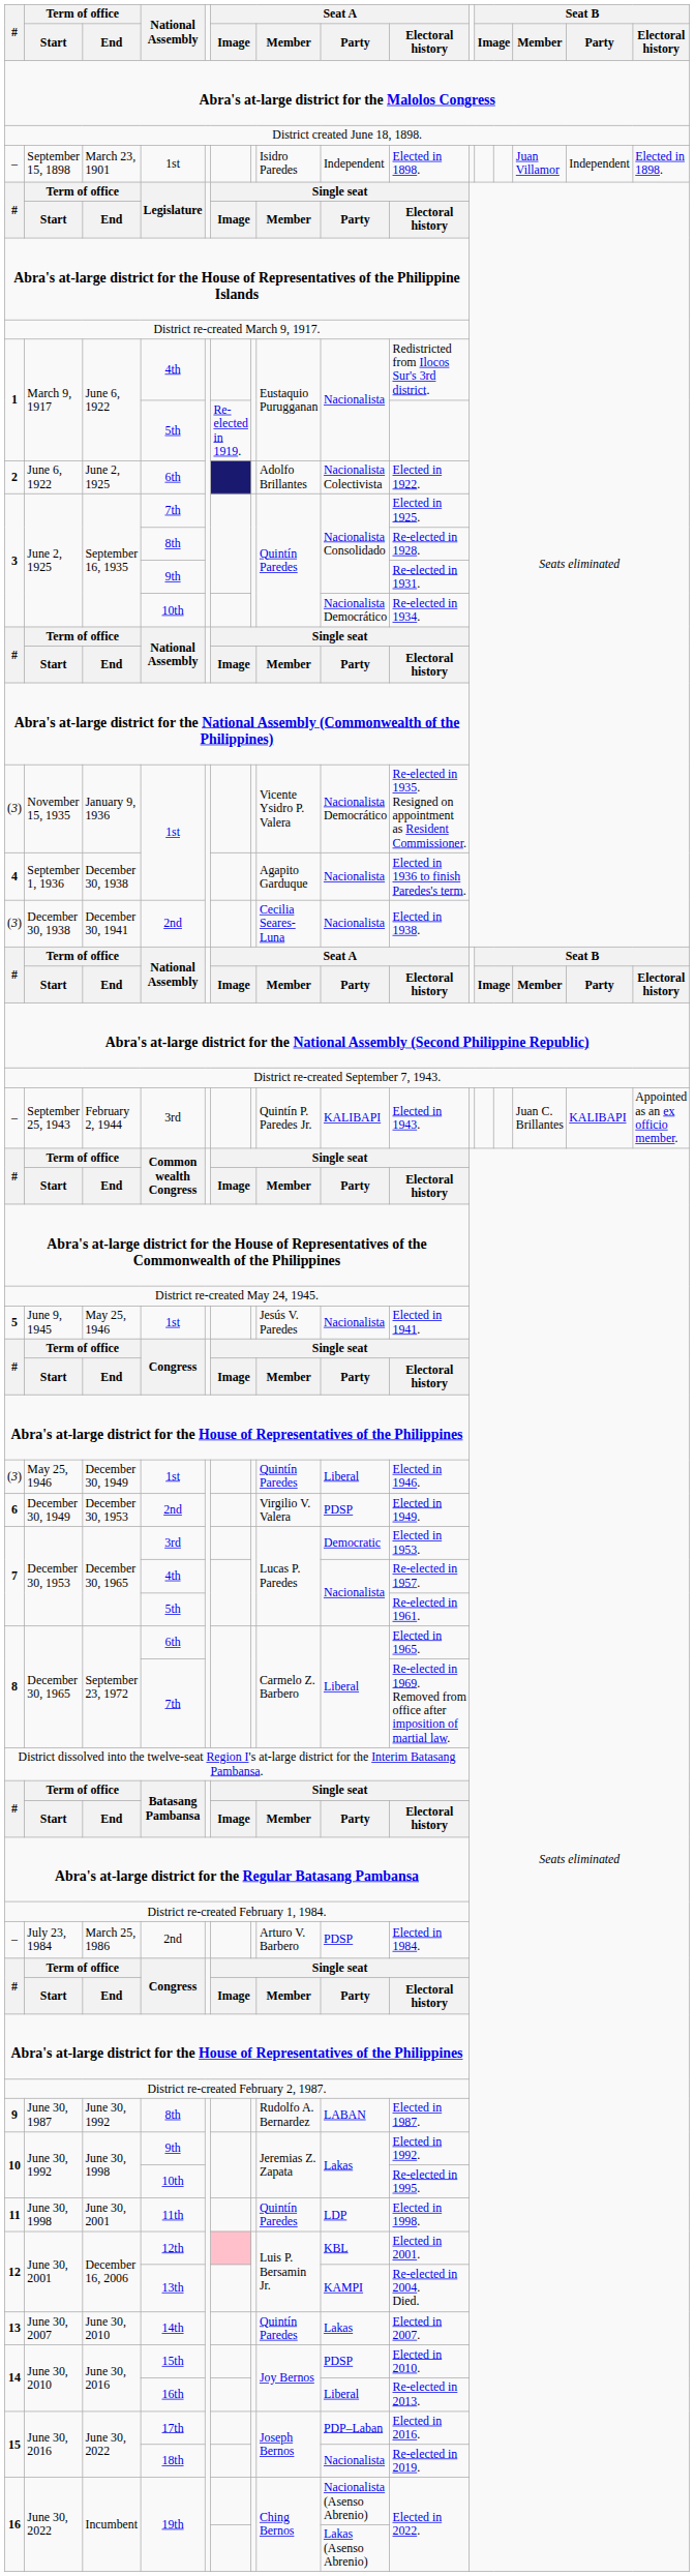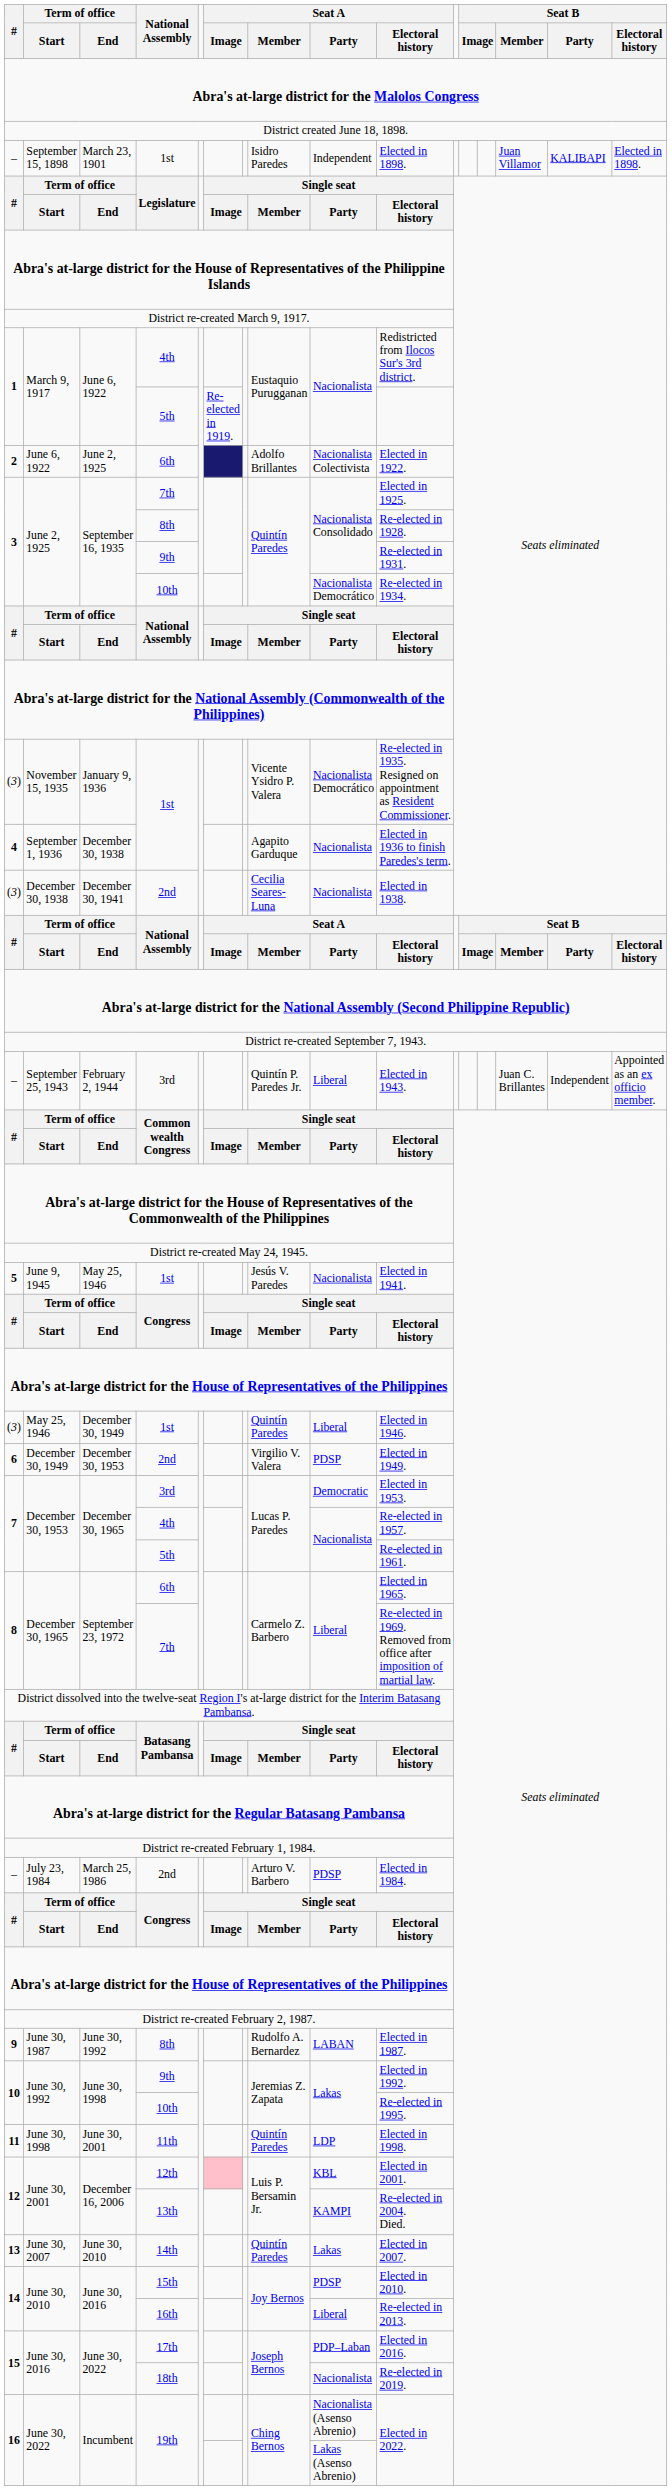 <table class=wikitable>
 <tr>
 <th rowspan=2>#</th>
 <th colspan=2>Term of office</th>
 <th rowspan=2>National<br>Assembly</th>
 <td rowspan=2></td>
 <th colspan=5>Seat A</th>
 <td rowspan=2></td>
 <th colspan=5>Seat B</th>
 </tr>
 <tr style="height:3em">
 <th>Start</th>
 <th>End</th>
 <th colspan="2" style="text-align:center;">Image</th>
 <th>Member</th>
 <th>Party</th>
 <th>Electoral history</th>
 <th colspan="2" style="text-align:center;">Image</th>
 <th>Member</th>
 <th>Party</th>
 <th>Electoral history</th>
 </tr>
 <tr>
 <td colspan="16" style="text-align:center;"><br><h3>Abra's at-large district for the <a href='#'>Malolos Congress</a></h3></td>
 </tr>
 <tr>
 <td colspan="16" style="text-align:center;">District created June 18, 1898.</td>
 </tr>
 <tr style="height:3em">
 <td style="text-align:center;">–</td>
 <td>September 15, 1898</td>
 <td>March 23, 1901</td>
 <td style="text-align:center;">1st</td>
 <td></td>
 <td style="color:inherit;background:"></td>
 <td></td>
 <td>Isidro Paredes</td>
 <td>Independent</td>
 <td><a href='#'>Elected in 1898</a>.</td>
 <td></td>
 <td style="color:inherit;background:"></td>
 <td></td>
 <td><a href='#'>Juan Villamor</a></td>
-<td>Independent</td>
+<td><a href='#'>KALIBAPI</a></td>
 <td><a href='#'>Elected in 1898</a>.</td>
 </tr>
 <tr>
 <th rowspan=2>#</th>
 <th colspan=2>Term of office</th>
 <th rowspan=2>Legislature</th>
 <td rowspan=2></td>
 <th colspan=5>Single seat</th>
 <td rowspan=17 colspan=6 style="text-align:center;"><em>Seats eliminated</em></td>
 </tr>
 <tr style="height:3em">
 <th>Start</th>
 <th>End</th>
 <th colspan="2" style="text-align:center;">Image</th>
 <th>Member</th>
 <th>Party</th>
 <th>Electoral history</th>
 </tr>
 <tr>
 <td colspan="10" style="text-align:center;"><br><h3>Abra's at-large district for the House of Representatives of the Philippine Islands</h3></td>
 </tr>
 <tr>
 <td colspan="10" style="text-align:center;">District re-created March 9, 1917.</td>
 </tr>
 <tr>
 <td style="text-align:center;" rowspan="2"><strong>1</strong></td>
 <td rowspan="2">March 9, 1917</td>
 <td rowspan="2">June 6, 1922</td>
 <td style="text-align:center;"><a href='#'>4th</a></td>
 <td rowspan=7></td>
 <td style="color:inherit;background:"></td>
 <td rowspan="2"></td>
 <td rowspan="2">Eustaquio Purugganan</td>
 <td rowspan="2"><a href='#'>Nacionalista</a></td>
 <td>Redistricted from <a href='#'>Ilocos Sur's 3rd district</a>.</td>
 </tr>
 <tr>
 <td style="text-align:center;"><a href='#'>5th</a></td>
 <td><a href='#'>Re-elected in 1919</a>.</td>
 </tr>
 <tr>
 <td style="text-align:center;"><strong>2</strong></td>
 <td>June 6, 1922</td>
 <td>June 2, 1925</td>
 <td style="text-align:center;"><a href='#'>6th</a></td>
 <td style="background-color:#191970"></td>
 <td></td>
 <td>Adolfo Brillantes</td>
 <td><a href='#'>Nacionalista</a><br>Colectivista</td>
 <td><a href='#'>Elected in 1922</a>.</td>
 </tr>
 <tr>
 <td rowspan="4" style="text-align:center;"><strong>3</strong></td>
 <td rowspan="4">June 2, 1925</td>
 <td rowspan="4">September 16, 1935</td>
 <td style="text-align:center;"><a href='#'>7th</a></td>
 <td rowspan="3" style="color:inherit;background:"></td>
 <td rowspan="4"></td>
 <td rowspan="4"><a href='#'>Quintín Paredes</a></td>
 <td rowspan="3"><a href='#'>Nacionalista</a><br>Consolidado</td>
 <td><a href='#'>Elected in 1925</a>.</td>
 </tr>
 <tr>
 <td style="text-align:center;"><a href='#'>8th</a></td>
 <td><a href='#'>Re-elected in 1928</a>.</td>
 </tr>
 <tr>
 <td style="text-align:center;"><a href='#'>9th</a></td>
 <td><a href='#'>Re-elected in 1931</a>.</td>
 </tr>
 <tr>
 <td style="text-align:center;"><a href='#'>10th</a></td>
 <td style="color:inherit;background:"></td>
 <td><a href='#'>Nacionalista</a><br>Democrático</td>
 <td><a href='#'>Re-elected in 1934</a>.</td>
 </tr>
 <tr>
 <th rowspan=2>#</th>
 <th colspan=2>Term of office</th>
 <th rowspan=2>National<br>Assembly</th>
 <td rowspan=2></td>
 <th colspan=5>Single seat</th>
 </tr>
 <tr style="height:3em">
 <th>Start</th>
 <th>End</th>
 <th colspan="2" style="text-align:center;">Image</th>
 <th>Member</th>
 <th>Party</th>
 <th>Electoral history</th>
 </tr>
 <tr>
 <td colspan="10" style="text-align:center;"><br><h3>Abra's at-large district for the <a href='#'>National Assembly (Commonwealth of the Philippines)</a></h3></td>
 </tr>
 <tr>
 <td style="text-align:center;">(<em>3</em>)</td>
 <td>November 15, 1935</td>
 <td>January 9, 1936</td>
 <td rowspan="2" style="text-align:center;"><a href='#'>1st</a></td>
 <td rowspan=3></td>
 <td style="color:inherit;background:"></td>
 <td></td>
 <td>Vicente Ysidro P. Valera</td>
 <td><a href='#'>Nacionalista</a><br>Democrático</td>
 <td><a href='#'>Re-elected in 1935</a>.<br>Resigned on appointment as <a href='#'>Resident Commissioner</a>.</td>
 </tr>
 <tr>
 <td style="text-align:center;"><strong>4</strong></td>
 <td>September 1, 1936</td>
 <td>December 30, 1938</td>
 <td style="color:inherit;background:"></td>
 <td></td>
 <td>Agapito Garduque</td>
 <td><a href='#'>Nacionalista</a></td>
 <td><a href='#'>Elected in 1936 to finish Paredes's term</a>.</td>
 </tr>
 <tr>
 <td style="text-align:center;">(<em>3</em>)</td>
 <td>December 30, 1938</td>
 <td>December 30, 1941</td>
 <td style="text-align:center;"><a href='#'>2nd</a></td>
 <td style="color:inherit;background:"></td>
 <td></td>
 <td><a href='#'>Cecilia Seares-Luna</a></td>
 <td><a href='#'>Nacionalista</a></td>
 <td><a href='#'>Elected in 1938</a>.</td>
 </tr>
 <tr>
 <th rowspan=2>#</th>
 <th colspan=2>Term of office</th>
 <th rowspan=2>National<br>Assembly</th>
 <td rowspan=2></td>
 <th colspan=5>Seat A</th>
 <td rowspan=2></td>
 <th colspan=5>Seat B</th>
 </tr>
 <tr style="height:3em">
 <th>Start</th>
 <th>End</th>
 <th colspan="2" style="text-align:center;">Image</th>
 <th>Member</th>
 <th>Party</th>
 <th>Electoral history</th>
 <th colspan="2" style="text-align:center;">Image</th>
 <th>Member</th>
 <th>Party</th>
 <th>Electoral history</th>
 </tr>
 <tr>
 <td colspan="16" style="text-align:center;"><br><h3>Abra's at-large district for the <a href='#'>National Assembly (Second Philippine Republic)</a></h3></td>
 </tr>
 <tr>
 <td colspan="16" style="text-align:center;">District re-created September 7, 1943.</td>
 </tr>
 <tr>
 <td style="text-align:center;">–</td>
 <td>September 25, 1943</td>
 <td>February 2, 1944</td>
 <td style="text-align:center;">3rd</td>
 <td></td>
 <td style="color:inherit;background:"></td>
 <td></td>
 <td>Quintín P. Paredes Jr.</td>
-<td><a href='#'>KALIBAPI</a></td>
+<td><a href='#'>Liberal</a></td>
 <td><a href='#'>Elected in 1943</a>.</td>
 <td></td>
 <td style="color:inherit;background:"></td>
 <td></td>
 <td>Juan C. Brillantes</td>
-<td><a href='#'>KALIBAPI</a></td>
+<td>Independent</td>
 <td>Appointed as an <a href='#'>ex officio member</a>.</td>
 </tr>
 <tr>
 <th rowspan=2>#</th>
 <th colspan=2>Term of office</th>
 <th rowspan=2>Common<br>wealth<br>Congress</th>
 <td rowspan=2></td>
 <th colspan=5>Single seat</th>
 <td rowspan=38 colspan=6 style="text-align:center;"><em>Seats eliminated</em></td>
 </tr>
 <tr style="height:3em">
 <th>Start</th>
 <th>End</th>
 <th colspan="2" style="text-align:center;">Image</th>
 <th>Member</th>
 <th>Party</th>
 <th>Electoral history</th>
 </tr>
 <tr>
 <td colspan="10" style="text-align:center;"><br><h3>Abra's at-large district for the House of Representatives of the Commonwealth of the Philippines</h3></td>
 </tr>
 <tr>
 <td colspan="10" style="text-align:center;">District re-created May 24, 1945.</td>
 </tr>
 <tr>
 <td style="text-align:center;"><strong>5</strong></td>
 <td>June 9, 1945</td>
 <td>May 25, 1946</td>
 <td style="text-align:center;"><a href='#'>1st</a></td>
 <td></td>
 <td style="color:inherit;background:"></td>
 <td></td>
 <td>Jesús V. Paredes</td>
 <td><a href='#'>Nacionalista</a></td>
 <td><a href='#'>Elected in 1941</a>.</td>
 </tr>
 <tr>
 <th rowspan=2>#</th>
 <th colspan=2>Term of office</th>
 <th rowspan=2>Congress</th>
 <td rowspan=2></td>
 <th colspan=5>Single seat</th>
 </tr>
 <tr style="height:3em">
 <th>Start</th>
 <th>End</th>
 <th colspan="2" style="text-align:center;">Image</th>
 <th>Member</th>
 <th>Party</th>
 <th>Electoral history</th>
 </tr>
 <tr>
 <td colspan="10" style="text-align:center;"><br><h3>Abra's at-large district for the <a href='#'>House of Representatives of the Philippines</a></h3></td>
 </tr>
 <tr>
 <td style="text-align:center;">(<em>3</em>)</td>
 <td>May 25, 1946</td>
 <td>December 30, 1949</td>
 <td style="text-align:center;"><a href='#'>1st</a></td>
 <td rowspan=7></td>
 <td style="color:inherit;background:"></td>
 <td></td>
 <td><a href='#'>Quintín Paredes</a></td>
 <td><a href='#'>Liberal</a></td>
 <td><a href='#'>Elected in 1946</a>.</td>
 </tr>
 <tr>
 <td style="text-align:center;"><strong>6</strong></td>
 <td>December 30, 1949</td>
 <td>December 30, 1953</td>
 <td style="text-align:center;"><a href='#'>2nd</a></td>
 <td style="color:inherit;background:"></td>
 <td></td>
 <td>Virgilio V. Valera</td>
 <td><a href='#'>PDSP</a></td>
 <td><a href='#'>Elected in 1949</a>.</td>
 </tr>
 <tr>
 <td rowspan="3" style="text-align:center;"><strong>7</strong></td>
 <td rowspan="3">December 30, 1953</td>
 <td rowspan="3">December 30, 1965</td>
 <td style="text-align:center;"><a href='#'>3rd</a></td>
 <td style="color:inherit;background:"></td>
 <td rowspan="3"></td>
 <td rowspan="3">Lucas P. Paredes</td>
 <td><a href='#'>Democratic</a></td>
 <td><a href='#'>Elected in 1953</a>.</td>
 </tr>
 <tr>
 <td style="text-align:center;"><a href='#'>4th</a></td>
 <td rowspan="2" style="color:inherit;background:"></td>
 <td rowspan="2"><a href='#'>Nacionalista</a></td>
 <td><a href='#'>Re-elected in 1957</a>.</td>
 </tr>
 <tr>
 <td style="text-align:center;"><a href='#'>5th</a></td>
 <td><a href='#'>Re-elected in 1961</a>.</td>
 </tr>
 <tr>
 <td rowspan="2" style="text-align:center;"><strong>8</strong></td>
 <td rowspan="2">December 30, 1965</td>
 <td rowspan="2">September 23, 1972</td>
 <td style="text-align:center;"><a href='#'>6th</a></td>
 <td rowspan="2" style="color:inherit;background:"></td>
 <td rowspan="2"></td>
 <td rowspan="2">Carmelo Z. Barbero</td>
 <td rowspan="2"><a href='#'>Liberal</a></td>
 <td><a href='#'>Elected in 1965</a>.</td>
 </tr>
 <tr>
 <td style="text-align:center;"><a href='#'>7th</a></td>
 <td><a href='#'>Re-elected in 1969</a>.<br>Removed from office after <a href='#'>imposition of martial law</a>.</td>
 </tr>
 <tr>
 <td colspan="10" style="text-align:center;">District dissolved into the twelve-seat <a href='#'>Region I</a>'s at-large district for the <a href='#'>Interim Batasang Pambansa</a>.</td>
 </tr>
 <tr>
 <th rowspan=2>#</th>
 <th colspan=2>Term of office</th>
 <th rowspan=2>Batasang<br>Pambansa</th>
 <td rowspan=2></td>
 <th colspan=5>Single seat</th>
 </tr>
 <tr style="height:3em">
 <th>Start</th>
 <th>End</th>
 <th colspan="2" style="text-align:center;">Image</th>
 <th>Member</th>
 <th>Party</th>
 <th>Electoral history</th>
 </tr>
 <tr>
 <td colspan="10" style="text-align:center;"><br><h3>Abra's at-large district for the <a href='#'>Regular Batasang Pambansa</a></h3></td>
 </tr>
 <tr>
 <td colspan="10" style="text-align:center;">District re-created February 1, 1984.</td>
 </tr>
 <tr style="height:3em">
 <td style="text-align:center;">–</td>
 <td>July 23, 1984</td>
 <td>March 25, 1986</td>
 <td style="text-align:center;">2nd</td>
 <td></td>
 <td style="color:inherit;background:"></td>
 <td></td>
 <td>Arturo V. Barbero</td>
 <td><a href='#'>PDSP</a></td>
 <td><a href='#'>Elected in 1984</a>.</td>
 </tr>
 <tr>
 <th rowspan=2>#</th>
 <th colspan=2>Term of office</th>
 <th rowspan=2>Congress</th>
 <td rowspan=2></td>
 <th colspan=5>Single seat</th>
 </tr>
 <tr style="height:3em">
 <th>Start</th>
 <th>End</th>
 <th colspan="2" style="text-align:center;">Image</th>
 <th>Member</th>
 <th>Party</th>
 <th>Electoral history</th>
 </tr>
 <tr>
 <td colspan="10" style="text-align:center;"><br><h3>Abra's at-large district for the <a href='#'>House of Representatives of the Philippines</a></h3></td>
 </tr>
 <tr>
 <td colspan="10" style="text-align:center;">District re-created February 2, 1987.</td>
 </tr>
 <tr>
 <td style="text-align:center;"><strong>9</strong></td>
 <td>June 30, 1987</td>
 <td>June 30, 1992</td>
 <td style="text-align:center;"><a href='#'>8th</a></td>
 <td rowspan="99"></td>
 <td style="color:inherit;background:"></td>
 <td></td>
 <td>Rudolfo A. Bernardez</td>
 <td><a href='#'>LABAN</a></td>
 <td><a href='#'>Elected in 1987</a>.</td>
 </tr>
 <tr>
 <td rowspan="2" style="text-align:center;"><strong>10</strong></td>
 <td rowspan="2">June 30, 1992</td>
 <td rowspan="2">June 30, 1998</td>
 <td style="text-align:center;"><a href='#'>9th</a></td>
 <td rowspan="2" style="color:inherit;background:"></td>
 <td rowspan="2"></td>
 <td rowspan="2">Jeremias Z. Zapata</td>
 <td rowspan="2"><a href='#'>Lakas</a></td>
 <td><a href='#'>Elected in 1992</a>.</td>
 </tr>
 <tr>
 <td style="text-align:center;"><a href='#'>10th</a></td>
 <td><a href='#'>Re-elected in 1995</a>.</td>
 </tr>
 <tr>
 <td style="text-align:center;"><strong>11</strong></td>
 <td>June 30, 1998</td>
 <td>June 30, 2001</td>
 <td style="text-align:center;"><a href='#'>11th</a></td>
 <td style="color:inherit;background:"></td>
 <td></td>
 <td><a href='#'>Quintín Paredes</a></td>
 <td><a href='#'>LDP</a></td>
 <td><a href='#'>Elected in 1998</a>.</td>
 </tr>
 <tr>
 <td rowspan="2" style="text-align:center;"><strong>12</strong></td>
 <td rowspan="2">June 30, 2001</td>
 <td rowspan="2">December 16, 2006</td>
 <td style="text-align:center;"><a href='#'>12th</a></td>
 <td style="background-color:#FFC0CB"></td>
 <td rowspan="2"></td>
 <td rowspan="2">Luis P. Bersamin Jr.</td>
 <td><a href='#'>KBL</a></td>
 <td><a href='#'>Elected in 2001</a>.</td>
 </tr>
 <tr>
 <td style="text-align:center;"><a href='#'>13th</a></td>
 <td style="color:inherit;background:"></td>
 <td><a href='#'>KAMPI</a></td>
 <td><a href='#'>Re-elected in 2004</a>.<br>Died.</td>
 </tr>
 <tr>
 <td style="text-align:center;"><strong>13</strong></td>
 <td>June 30, 2007</td>
 <td>June 30, 2010</td>
 <td style="text-align:center;"><a href='#'>14th</a></td>
 <td style="color:inherit;background:"></td>
 <td></td>
 <td><a href='#'>Quintín Paredes</a></td>
 <td><a href='#'>Lakas</a></td>
 <td><a href='#'>Elected in 2007</a>.</td>
 </tr>
 <tr>
 <td rowspan="2" style="text-align:center;"><strong>14</strong></td>
 <td rowspan="2">June 30, 2010</td>
 <td rowspan="2">June 30, 2016</td>
 <td style="text-align:center;"><a href='#'>15th</a></td>
 <td style="color:inherit;background:"></td>
 <td rowspan="2"></td>
 <td rowspan="2"><a href='#'>Joy Bernos</a></td>
 <td><a href='#'>PDSP</a></td>
 <td><a href='#'>Elected in 2010</a>.</td>
 </tr>
 <tr>
 <td style="text-align:center;"><a href='#'>16th</a></td>
 <td style="color:inherit;background:"></td>
 <td><a href='#'>Liberal</a></td>
 <td><a href='#'>Re-elected in 2013</a>.</td>
 </tr>
 <tr>
 <td rowspan="2" style="text-align:center;"><strong>15</strong></td>
 <td rowspan="2">June 30, 2016</td>
 <td rowspan="2">June 30, 2022</td>
 <td style="text-align:center;"><a href='#'>17th</a></td>
 <td style="color:inherit;background:"></td>
 <td rowspan="2"></td>
 <td rowspan="2"><a href='#'>Joseph Bernos</a></td>
 <td><a href='#'>PDP–Laban</a></td>
 <td><a href='#'>Elected in 2016</a>.</td>
 </tr>
 <tr>
 <td style="text-align:center;"><a href='#'>18th</a></td>
 <td style="color:inherit;background:"></td>
 <td><a href='#'>Nacionalista</a></td>
 <td><a href='#'>Re-elected in 2019</a>.</td>
 </tr>
 <tr>
 <td style="text-align:center;" rowspan="2"><strong>16</strong></td>
 <td rowspan="2">June 30, 2022</td>
 <td rowspan="2">Incumbent</td>
 <td style="text-align:center;" rowspan="2"><a href='#'>19th</a></td>
 <td style="color:inherit;background:"></td>
 <td rowspan="2"></td>
 <td rowspan="2"><a href='#'>Ching Bernos</a></td>
 <td><a href='#'>Nacionalista</a> (Asenso Abrenio)</td>
 <td rowspan="2"><a href='#'>Elected in 2022</a>.</td>
 </tr>
 <tr>
 <td style="color:inherit;background:"></td>
 <td><a href='#'>Lakas</a> (Asenso Abrenio)</td>
 </tr>
 </table>
